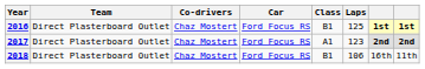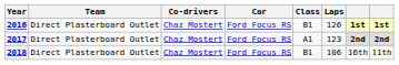 <table class="wikitable" style="font-size:85%; text-align:center">
 <tr>
 <th>Year</th>
 <th>Team</th>
 <th>Co-drivers</th>
 <th>Car</th>
 <th>Class</th>
 <th>Laps</th>
 <th></th>
 <th></th>
 </tr>
 <tr>
 <th><a href='#'>2016</a></th>
 <td align="left"> Direct Plasterboard Outlet</td>
 <td align="left"> <a href='#'>Chaz Mostert</a></td>
 <td align="left"><a href='#'>Ford Focus RS</a></td>
 <td>B1</td>
-<td align=center>125</td>
+<td align=center>126</td>
 <th style="background:#ffffbf"><strong>1st</strong></th>
 <th style="background:#ffffbf"><strong>1st</strong></th>
 </tr>
 <tr>
 <th><a href='#'>2017</a></th>
 <td align="left"> Direct Plasterboard Outlet</td>
 <td align="left"> <a href='#'>Chaz Mostert</a></td>
 <td align="left"><a href='#'>Ford Focus RS</a></td>
 <td>A1</td>
 <td align=center>123</td>
 <th style=background:#dfdfdf><strong>2nd</strong></th>
 <th style=background:#dfdfdf><strong>2nd</strong></th>
 </tr>
 <tr>
 <th><a href='#'>2018</a></th>
 <td align="left"> Direct Plasterboard Outlet</td>
 <td align="left"> <a href='#'>Chaz Mostert</a></td>
 <td align="left"><a href='#'>Ford Focus RS</a></td>
 <td>B1</td>
 <td align=center>106</td>
 <td>16th</td>
 <td>11th</td>
 </tr>
 </table>
